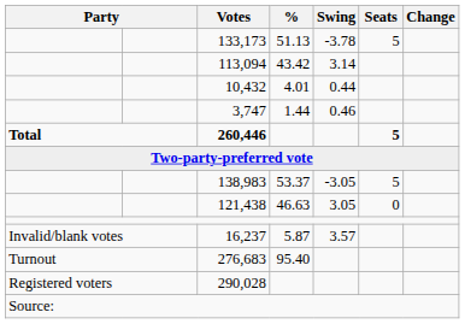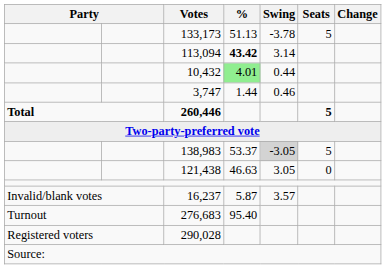 <table class="wikitable">
 <tr>
 <th colspan=2 style="width:200px"><strong>Party</strong></th>
 <th style="width:70px; text-align:center;"><strong>Votes</strong></th>
 <th style="width:40px; text-align:center;"><strong>%</strong></th>
 <th style="width:40px; text-align:center;"><strong>Swing</strong></th>
 <th style="width:40px; text-align:center;"><strong>Seats</strong></th>
 <th style="width:40px; text-align:center;"><strong>Change</strong></th>
 </tr>
 <tr>
 <td> </td>
 <td></td>
 <td align=right>133,173</td>
 <td align=right>51.13</td>
 <td align=right>-3.78</td>
 <td align=right>5</td>
 <td align=right></td>
 </tr>
 <tr>
 <td> </td>
 <td></td>
 <td align=right>113,094</td>
-<td align=right>43.42</td>
+<td align=right><strong>43.42</strong></td>
 <td align=right>3.14</td>
 <td align=right></td>
 <td align=right></td>
 </tr>
 <tr>
 <td> </td>
 <td></td>
 <td align=right>10,432</td>
-<td align=right>4.01</td>
+<td align=right style="background: lightgreen;">4.01</td>
 <td align=right>0.44</td>
 <td align=right></td>
 <td align=right></td>
 </tr>
 <tr>
 <td> </td>
 <td></td>
 <td align=right>3,747</td>
 <td align=right>1.44</td>
 <td align=right>0.46</td>
 <td align=right></td>
 <td align=right></td>
 </tr>
 <tr>
 <td colspan=2 align="left"><strong>Total</strong></td>
 <td align=right><strong>260,446</strong></td>
 <td align=right></td>
 <td align=right></td>
 <td align=right><strong>5</strong></td>
 <td align=right></td>
 </tr>
 <tr>
 <td colspan=7 style="text-align:center; background:#eee;"><strong><a href='#'>Two-party-preferred vote</a></strong></td>
 </tr>
 <tr>
 <td> </td>
 <td></td>
 <td align=right>138,983</td>
 <td align=right>53.37</td>
-<td align=right>-3.05</td>
+<td align=right style="background: lightgrey;">-3.05</td>
 <td align=right>5</td>
 <td align=right></td>
 </tr>
 <tr>
 <td> </td>
 <td></td>
 <td align=right>121,438</td>
 <td align=right>46.63</td>
 <td align=right>3.05</td>
 <td align=right>0</td>
 <td align=right></td>
 </tr>
 <tr>
 <td colspan=7></td>
 </tr>
 <tr>
 <td colspan=2 style="text-align:left;">Invalid/blank votes</td>
 <td align=right>16,237</td>
 <td align=right>5.87</td>
 <td align=right>3.57</td>
 <td></td>
 <td></td>
 </tr>
 <tr>
 <td colspan=2 style="text-align:left;">Turnout</td>
 <td align=right>276,683</td>
 <td align=right>95.40</td>
 <td></td>
 <td></td>
 <td></td>
 </tr>
 <tr>
 <td colspan=2 style="text-align:left;">Registered voters</td>
 <td align=right>290,028</td>
 <td></td>
 <td></td>
 <td></td>
 <td></td>
 </tr>
 <tr>
 <td colspan="8" align="left">Source: </td>
 </tr>
 </table>
